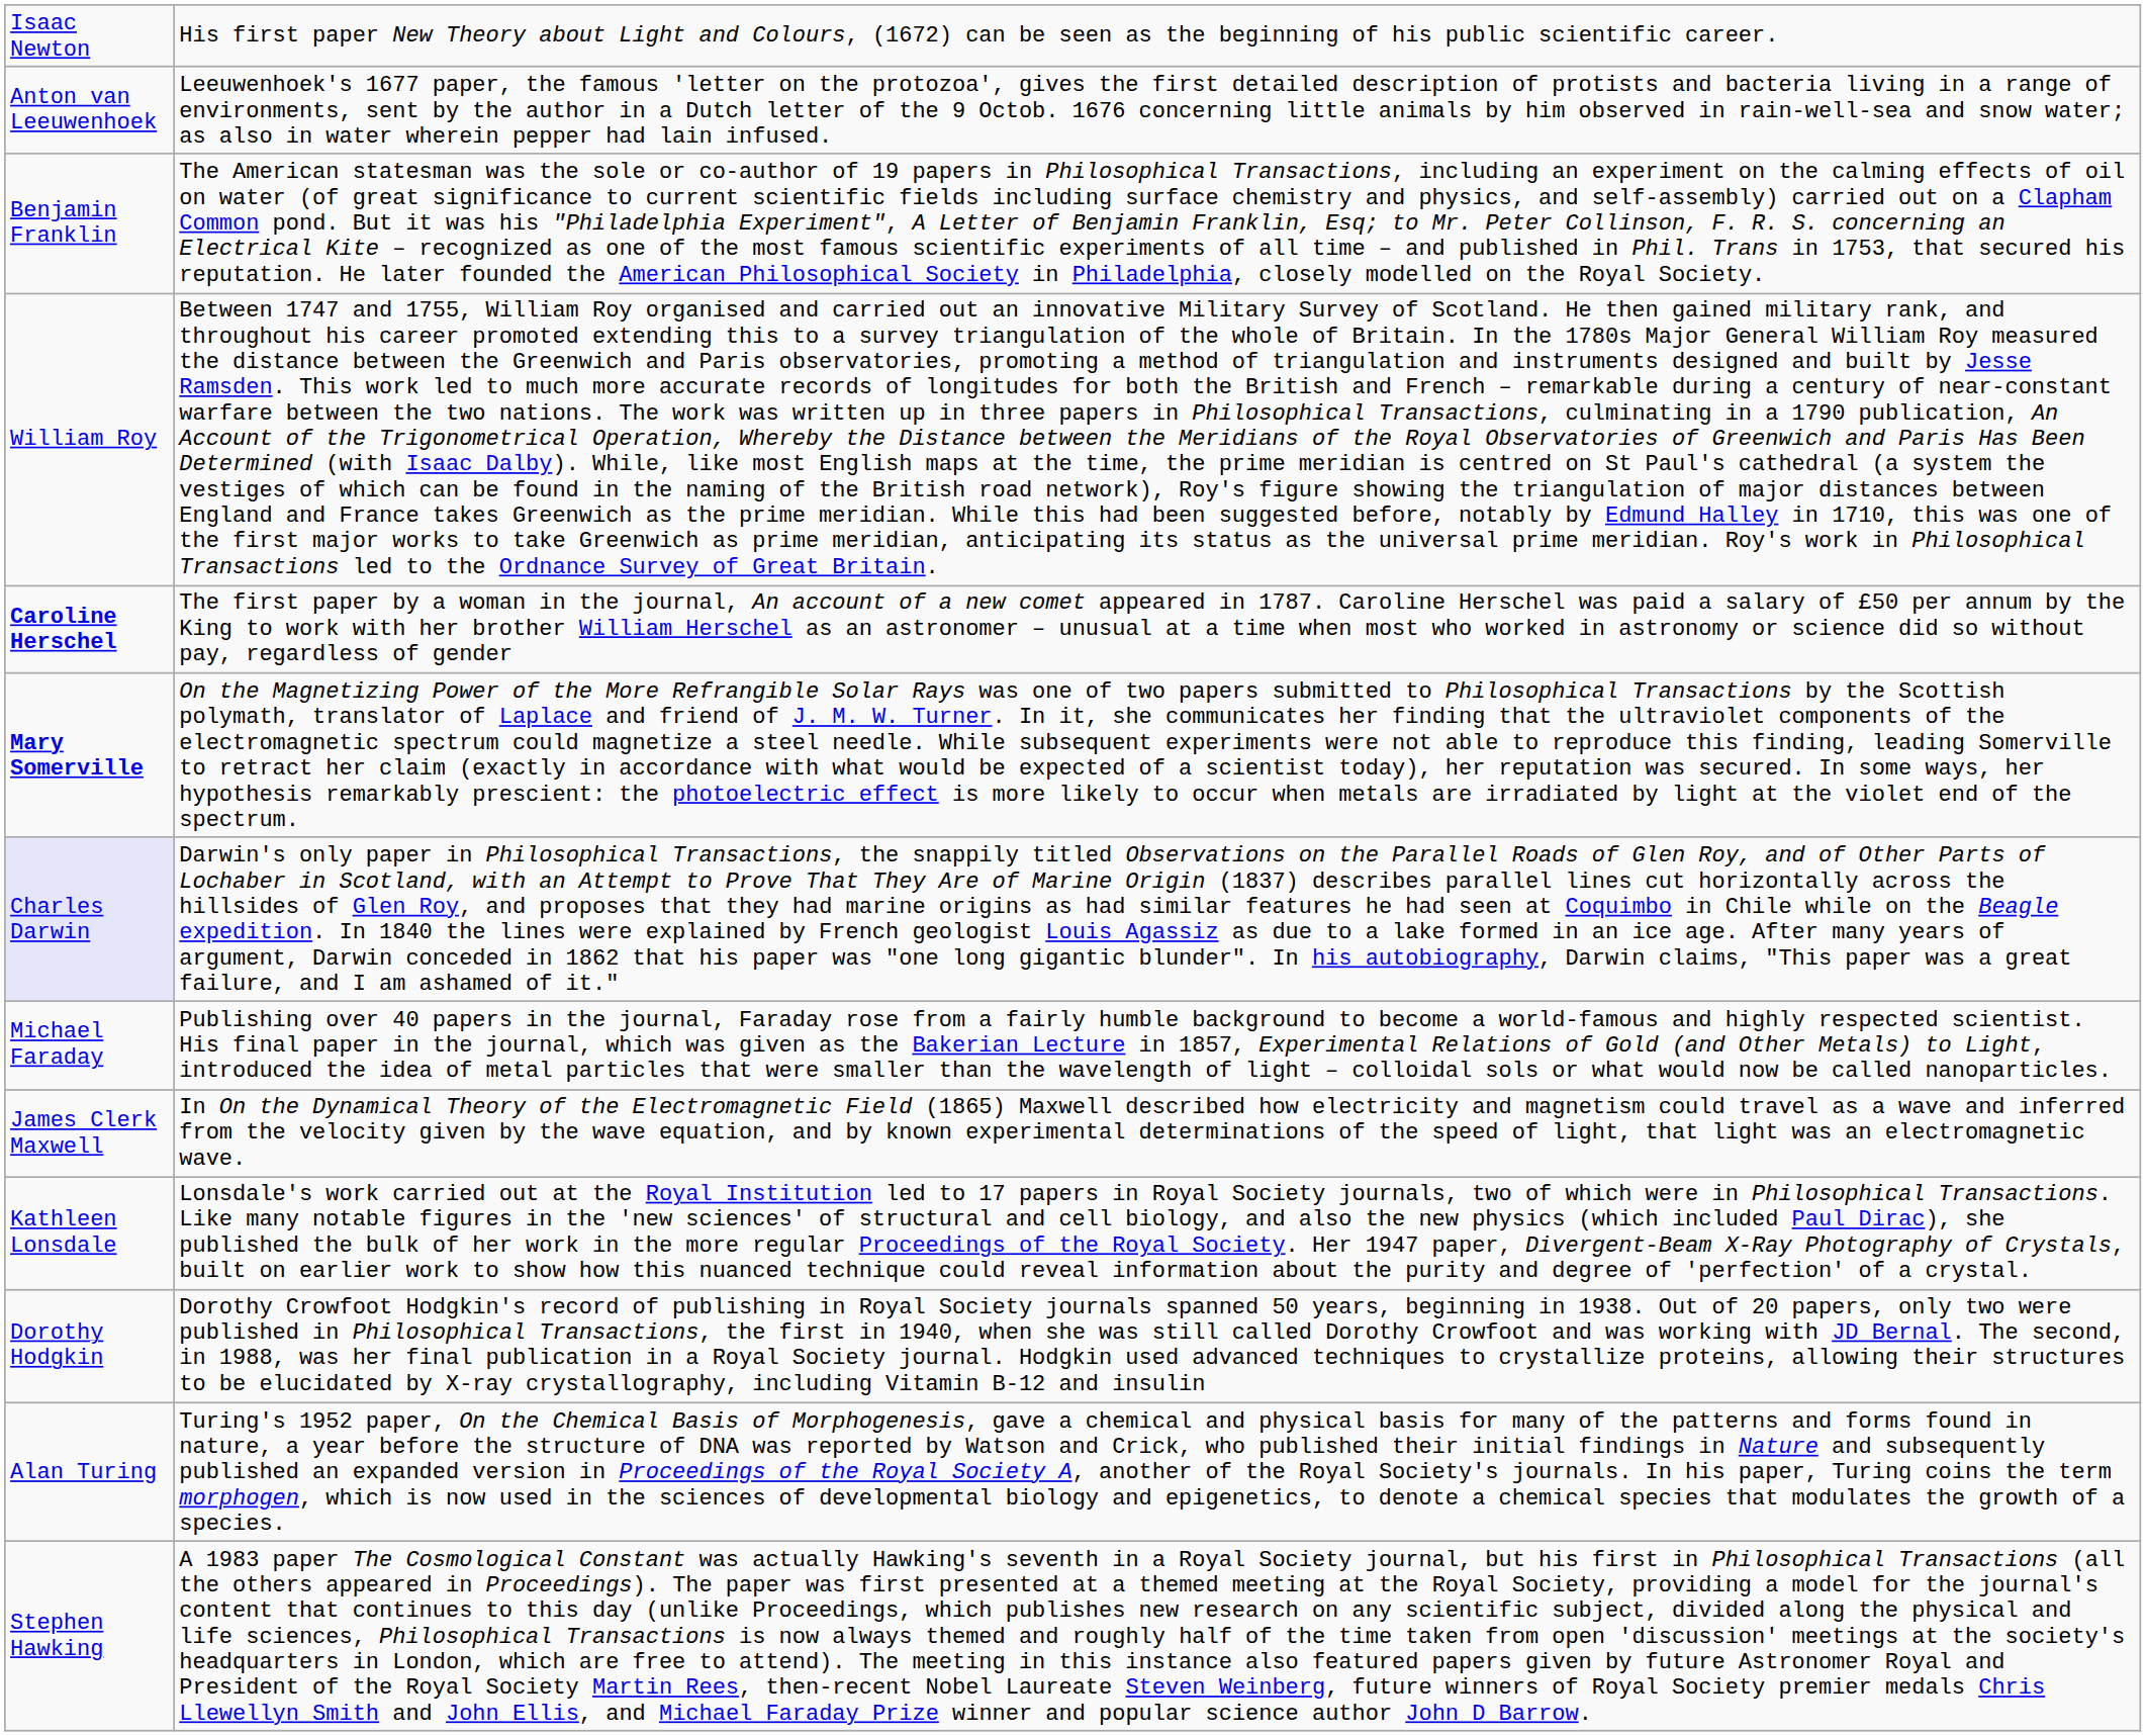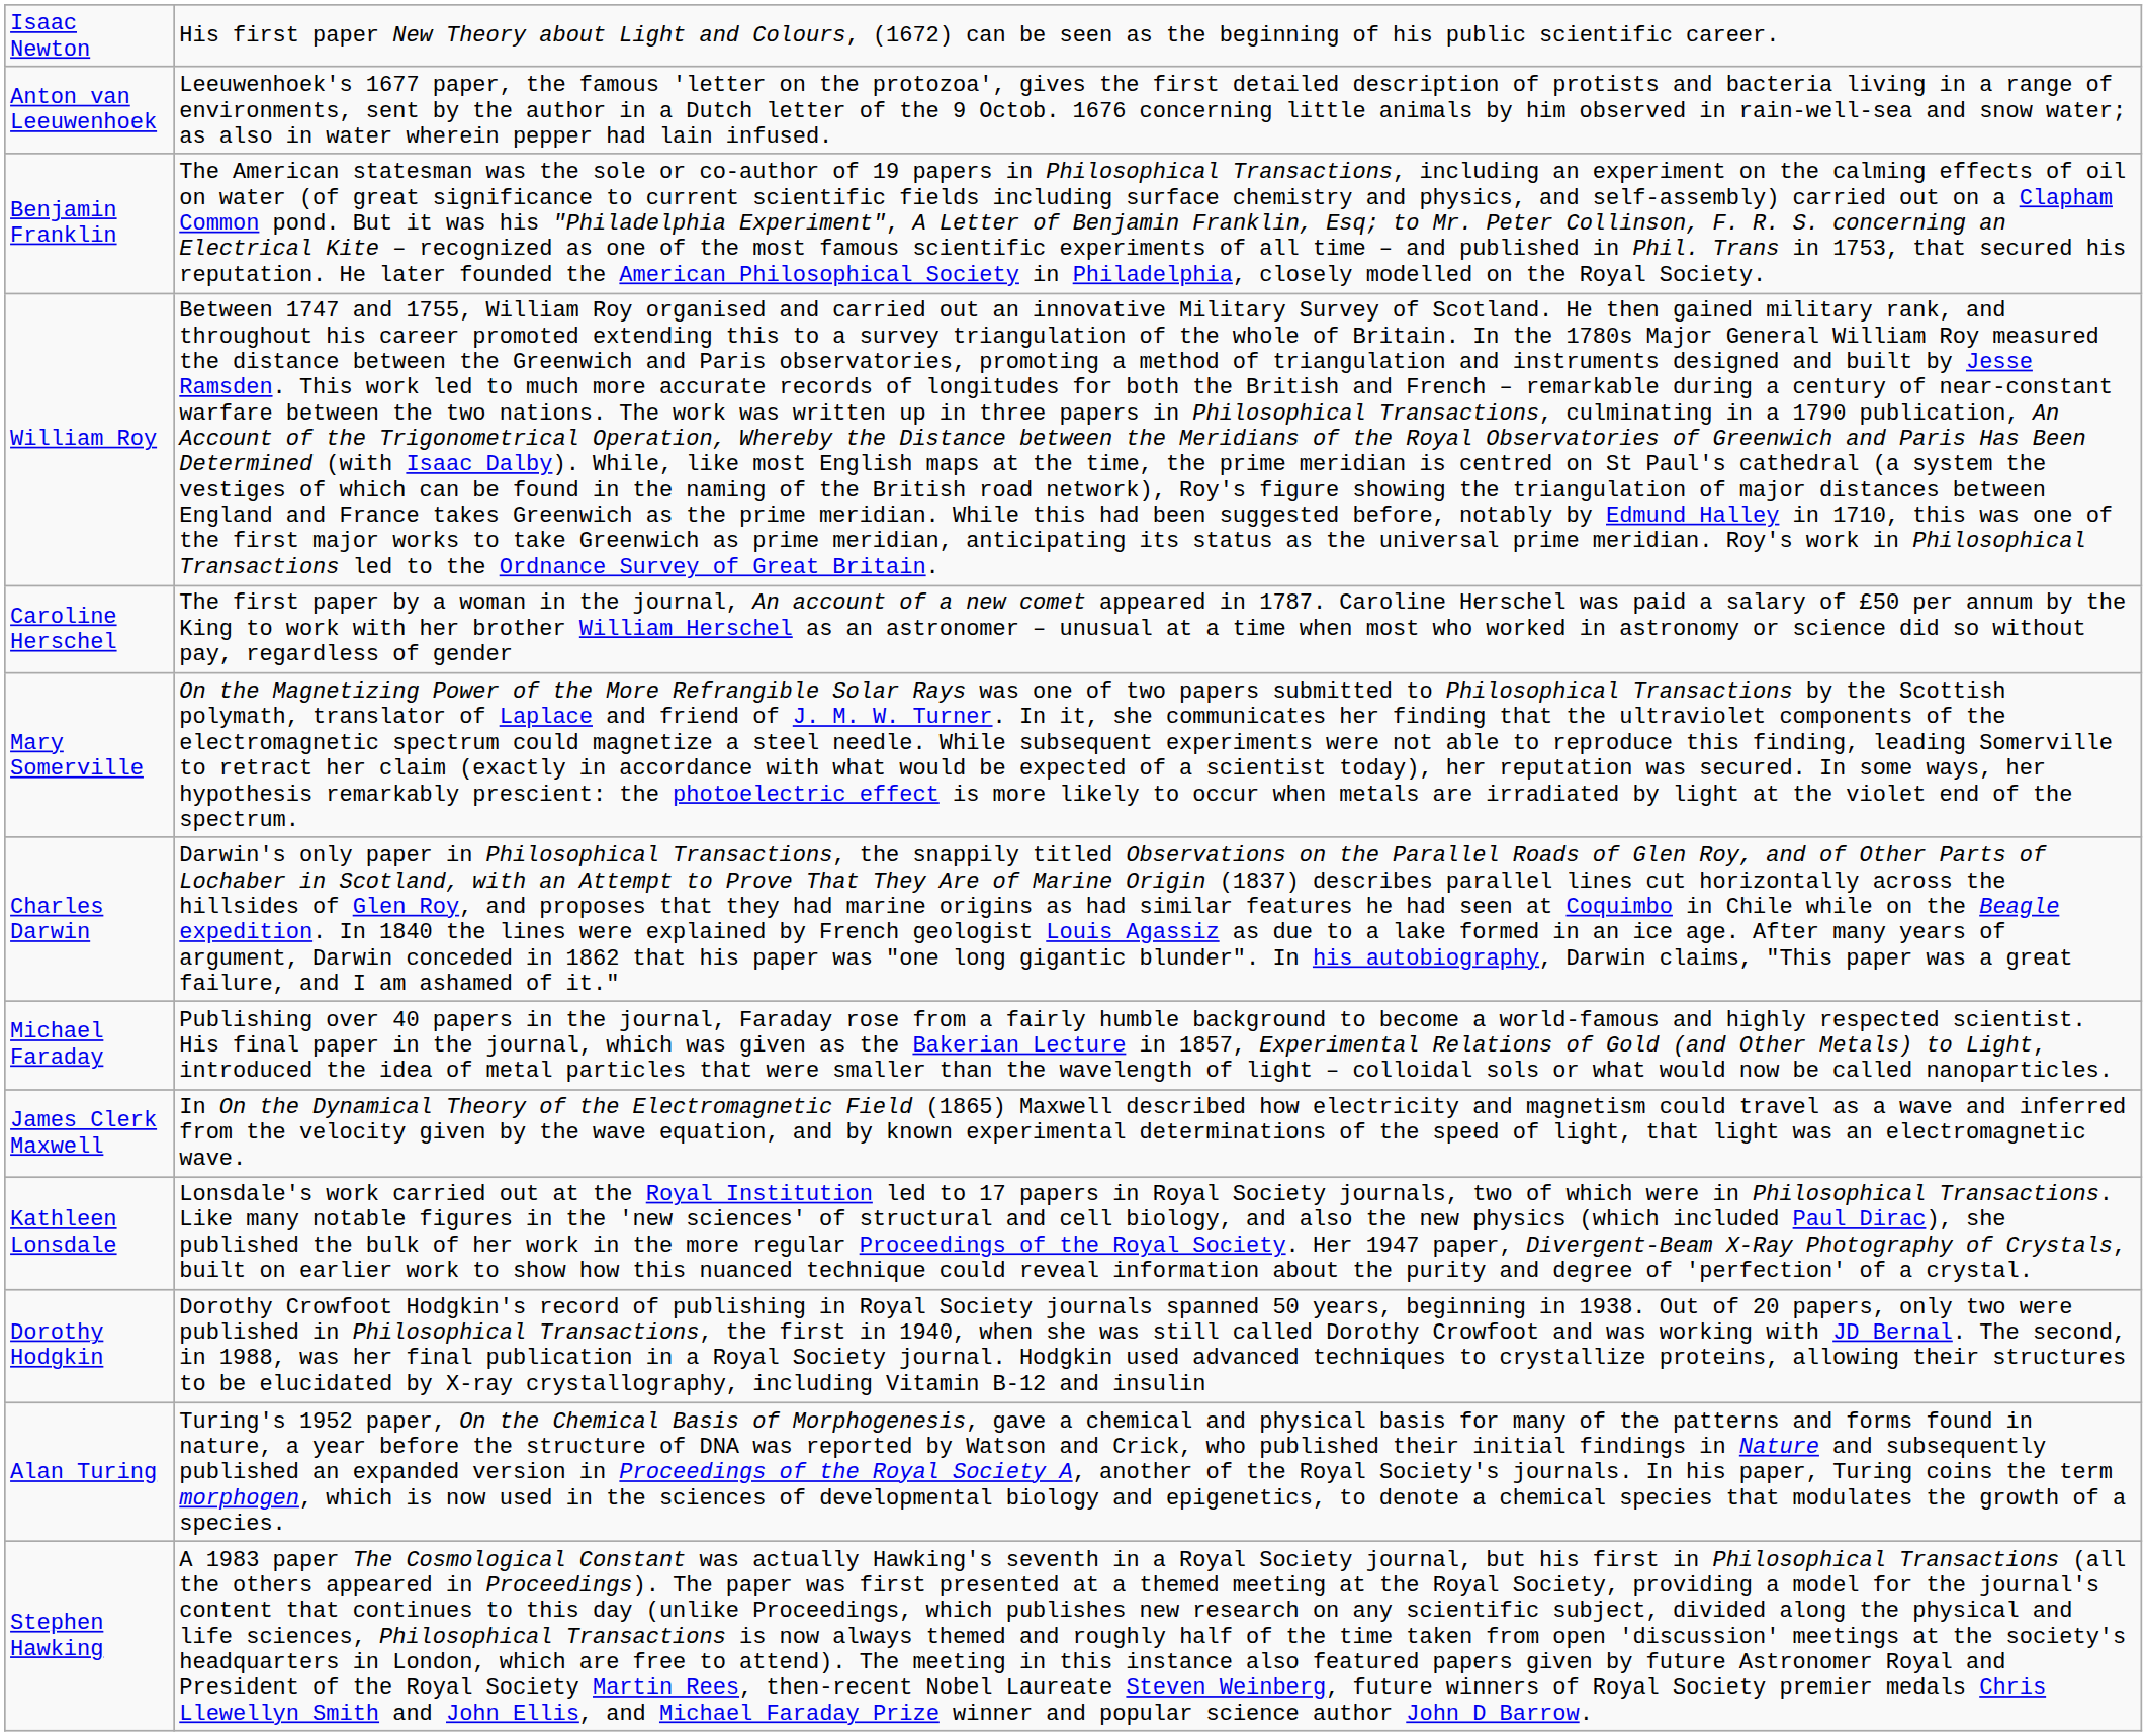 <table class="wikitable">
 <tr>
 <td><a href='#'>Isaac Newton</a></td>
 <td>His first paper <em>New Theory about Light and Colours</em>, (1672) can be seen as the beginning of his public scientific career.</td>
 </tr>
 <tr>
 <td><a href='#'>Anton van Leeuwenhoek</a></td>
 <td>Leeuwenhoek's 1677 paper, the famous 'letter on the protozoa', gives the first detailed description of protists and bacteria living in a range of environments, sent by the author in a Dutch letter of the 9 Octob. 1676 concerning little animals by him observed in rain-well-sea and snow water; as also in water wherein pepper had lain infused.</td>
 </tr>
 <tr>
 <td><a href='#'>Benjamin Franklin</a></td>
 <td>The American statesman was the sole or co-author of 19 papers in <em>Philosophical Transactions</em>, including an experiment on the calming effects of oil on water (of great significance to current scientific fields including surface chemistry and physics, and self-assembly) carried out on a <a href='#'>Clapham Common</a> pond. But it was his <em>"Philadelphia Experiment"</em>, <em>A Letter of Benjamin Franklin, Esq; to Mr. Peter Collinson, F. R. S. concerning an Electrical Kite</em> – recognized as one of the most famous scientific experiments of all time – and published in <em>Phil. Trans</em> in 1753, that secured his reputation. He later founded the <a href='#'>American Philosophical Society</a> in <a href='#'>Philadelphia</a>, closely modelled on the Royal Society.</td>
 </tr>
 <tr>
 <td><a href='#'>William Roy</a></td>
 <td>Between 1747 and 1755, William Roy organised and carried out an innovative Military Survey of Scotland. He then gained military rank, and throughout his career promoted extending this to a survey triangulation of the whole of Britain. In the 1780s Major General William Roy measured the distance between the Greenwich and Paris observatories, promoting a method of triangulation and instruments designed and built by <a href='#'>Jesse Ramsden</a>. This work led to much more accurate records of longitudes for both the British and French – remarkable during a century of near-constant warfare between the two nations. The work was written up in three papers in <em>Philosophical Transactions</em>, culminating in a 1790 publication, <em>An Account of the Trigonometrical Operation, Whereby the Distance between the Meridians of the Royal Observatories of Greenwich and Paris Has Been Determined</em> (with <a href='#'>Isaac Dalby</a>). While, like most English maps at the time, the prime meridian is centred on St Paul's cathedral (a system the vestiges of which can be found in the naming of the British road network), Roy's figure showing the triangulation of major distances between England and France takes Greenwich as the prime meridian. While this had been suggested before, notably by <a href='#'>Edmund Halley</a> in 1710, this was one of the first major works to take Greenwich as prime meridian, anticipating its status as the universal prime meridian. Roy's work in <em>Philosophical Transactions</em> led to the <a href='#'>Ordnance Survey of Great Britain</a>.</td>
 </tr>
 <tr>
-<td><strong><a href='#'>Caroline Herschel</a></strong></td>
+<td><a href='#'>Caroline Herschel</a></td>
 <td>The first paper by a woman in the journal, <em>An account of a new comet</em> appeared in 1787. Caroline Herschel was paid a salary of £50 per annum by the King to work with her brother <a href='#'>William Herschel</a> as an astronomer – unusual at a time when most who worked in astronomy or science did so without pay, regardless of gender</td>
 </tr>
 <tr>
-<td><strong><a href='#'>Mary Somerville</a></strong></td>
+<td><a href='#'>Mary Somerville</a></td>
 <td><em>On the Magnetizing Power of the More Refrangible Solar Rays</em> was one of two papers submitted to <em>Philosophical Transactions</em> by the Scottish polymath, translator of <a href='#'>Laplace</a> and friend of <a href='#'>J. M. W. Turner</a>. In it, she communicates her finding that the ultraviolet components of the electromagnetic spectrum could magnetize a steel needle. While subsequent experiments were not able to reproduce this finding, leading Somerville to retract her claim (exactly in accordance with what would be expected of a scientist today), her reputation was secured. In some ways, her hypothesis remarkably prescient: the <a href='#'>photoelectric effect</a> is more likely to occur when metals are irradiated by light at the violet end of the spectrum.</td>
 </tr>
 <tr>
-<td style="background: lavender;"><a href='#'>Charles Darwin</a></td>
+<td><a href='#'>Charles Darwin</a></td>
 <td>Darwin's only paper in <em>Philosophical Transactions</em>, the snappily titled <em>Observations on the Parallel Roads of Glen Roy, and of Other Parts of Lochaber in Scotland, with an Attempt to Prove That They Are of Marine Origin</em> (1837) describes parallel lines cut horizontally across the hillsides of <a href='#'>Glen Roy</a>, and proposes that they had marine origins as had similar features he had seen at <a href='#'>Coquimbo</a> in Chile while on the <a href='#'><em>Beagle</em> expedition</a>. In 1840 the lines were explained by French geologist <a href='#'>Louis Agassiz</a> as due to a lake formed in an ice age. After many years of argument, Darwin conceded in 1862 that his paper was "one long gigantic blunder". In <a href='#'>his autobiography</a>, Darwin claims, "This paper was a great failure, and I am ashamed of it."</td>
 </tr>
 <tr>
 <td><a href='#'>Michael Faraday</a></td>
 <td>Publishing over 40 papers in the journal, Faraday rose from a fairly humble background to become a world-famous and highly respected scientist. His final paper in the journal, which was given as the <a href='#'>Bakerian Lecture</a> in 1857, <em>Experimental Relations of Gold (and Other Metals) to Light</em>, introduced the idea of metal particles that were smaller than the wavelength of light – colloidal sols or what would now be called nanoparticles.</td>
 </tr>
 <tr>
 <td><a href='#'>James Clerk Maxwell</a></td>
 <td>In <em>On the Dynamical Theory of the Electromagnetic Field</em> (1865) Maxwell described how electricity and magnetism could travel as a wave and inferred from the velocity given by the wave equation, and by known experimental determinations of the speed of light, that light was an electromagnetic wave.</td>
 </tr>
 <tr>
 <td><a href='#'>Kathleen Lonsdale</a></td>
 <td>Lonsdale's work carried out at the <a href='#'>Royal Institution</a> led to 17 papers in Royal Society journals, two of which were in <em>Philosophical Transactions</em>. Like many notable figures in the 'new sciences' of structural and cell biology, and also the new physics (which included <a href='#'>Paul Dirac</a>), she published the bulk of her work in the more regular <a href='#'>Proceedings of the Royal Society</a>. Her 1947 paper, <em>Divergent-Beam X-Ray Photography of Crystals</em>, built on earlier work to show how this nuanced technique could reveal information about the purity and degree of 'perfection' of a crystal.</td>
 </tr>
 <tr>
 <td><a href='#'>Dorothy Hodgkin</a></td>
 <td>Dorothy Crowfoot Hodgkin's record of publishing in Royal Society journals spanned 50 years, beginning in 1938. Out of 20 papers, only two were published in <em>Philosophical Transactions</em>, the first in 1940, when she was still called Dorothy Crowfoot and was working with <a href='#'>JD Bernal</a>. The second, in 1988, was her final publication in a Royal Society journal. Hodgkin used advanced techniques to crystallize proteins, allowing their structures to be elucidated by X-ray crystallography, including Vitamin B-12 and insulin</td>
 </tr>
 <tr>
 <td><a href='#'>Alan Turing</a></td>
 <td>Turing's 1952 paper, <em>On the Chemical Basis of Morphogenesis</em>, gave a chemical and physical basis for many of the patterns and forms found in nature, a year before the structure of DNA was reported by Watson and Crick, who published their initial findings in <em><a href='#'>Nature</a></em> and subsequently published an expanded version in <em><a href='#'>Proceedings of the Royal Society A</a></em>, another of the Royal Society's journals. In his paper, Turing coins the term <em><a href='#'>morphogen</a></em>, which is now used in the sciences of developmental biology and epigenetics, to denote a chemical species that modulates the growth of a species.</td>
 </tr>
 <tr>
 <td><a href='#'>Stephen Hawking</a></td>
 <td>A 1983 paper <em>The Cosmological Constant</em> was actually Hawking's seventh in a Royal Society journal, but his first in <em>Philosophical Transactions</em> (all the others appeared in <em>Proceedings</em>). The paper was first presented at a themed meeting at the Royal Society, providing a model for the journal's content that continues to this day (unlike Proceedings, which publishes new research on any scientific subject, divided along the physical and life sciences, <em>Philosophical Transactions</em> is now always themed and roughly half of the time taken from open 'discussion' meetings at the society's headquarters in London, which are free to attend). The meeting in this instance also featured papers given by future Astronomer Royal and President of the Royal Society <a href='#'>Martin Rees</a>, then-recent Nobel Laureate <a href='#'>Steven Weinberg</a>, future winners of Royal Society premier medals <a href='#'>Chris Llewellyn Smith</a> and <a href='#'>John Ellis</a>, and <a href='#'>Michael Faraday Prize</a> winner and popular science author <a href='#'>John D Barrow</a>.</td>
 </tr>
 </table>
